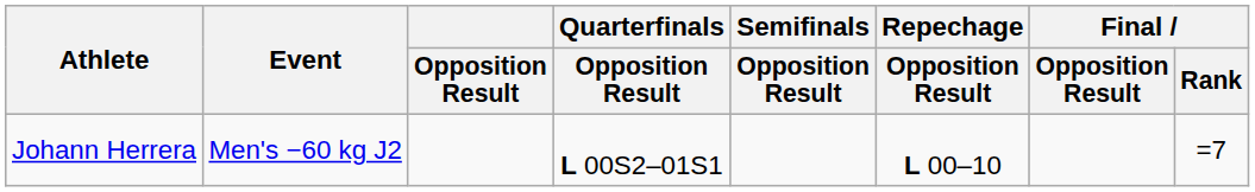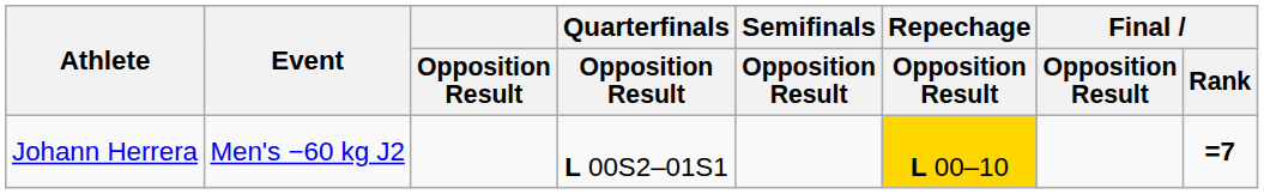 <table class="wikitable" style="font-size:90%">
 <tr>
 <th rowspan="2">Athlete</th>
 <th rowspan="2">Event</th>
 <th></th>
 <th>Quarterfinals</th>
 <th>Semifinals</th>
 <th>Repechage</th>
 <th colspan="2">Final / </th>
 </tr>
 <tr style="font-size:95%">
 <th>Opposition<br>Result</th>
 <th>Opposition<br>Result</th>
 <th>Opposition<br>Result</th>
 <th>Opposition<br>Result</th>
 <th>Opposition<br>Result</th>
 <th>Rank</th>
 </tr>
 <tr align=center>
 <td align=left><a href='#'>Johann Herrera</a></td>
 <td align=left><a href='#'>Men's −60 kg J2</a></td>
 <td></td>
 <td><br><strong>L</strong> 00S2–01S1</td>
 <td></td>
-<td><br><strong>L</strong> 00–10</td>
+<td style="background: gold;"><br><strong>L</strong> 00–10</td>
 <td></td>
-<td>=7</td>
+<td><strong>=7</strong></td>
 </tr>
 </table>
